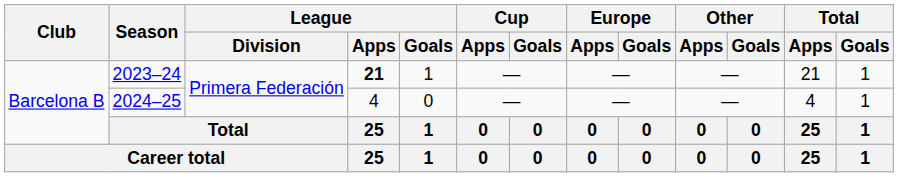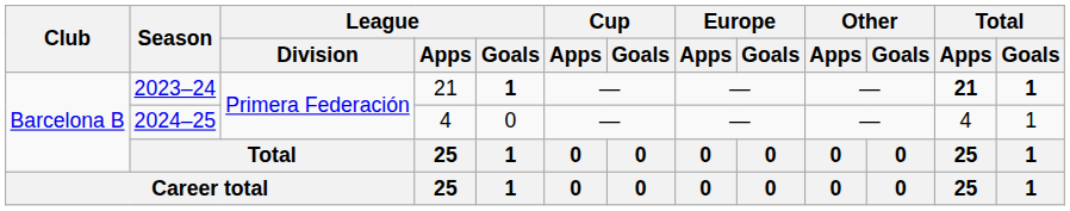 <table class=wikitable style=text-align:center>
 <tr>
 <th rowspan=2>Club</th>
 <th rowspan=2>Season</th>
 <th colspan=3>League</th>
 <th colspan=2>Cup</th>
 <th colspan=2>Europe</th>
 <th colspan=2>Other</th>
 <th colspan=2>Total</th>
 </tr>
 <tr>
 <th>Division</th>
 <th>Apps</th>
 <th>Goals</th>
 <th>Apps</th>
 <th>Goals</th>
 <th>Apps</th>
 <th>Goals</th>
 <th>Apps</th>
 <th>Goals</th>
 <th>Apps</th>
 <th>Goals</th>
 </tr>
 <tr>
 <td rowspan="3"><a href='#'>Barcelona B</a></td>
 <td><a href='#'>2023–24</a></td>
 <td rowspan="2"><a href='#'>Primera Federación</a></td>
-<td><strong>21</strong></td>
-<td>1</td>
+<td>21</td>
+<td><strong>1</strong></td>
 <td colspan="2">—</td>
 <td colspan="2">—</td>
 <td colspan="2">—</td>
-<td>21</td>
-<td>1</td>
+<td><strong>21</strong></td>
+<td><strong>1</strong></td>
 </tr>
 <tr>
 <td><a href='#'>2024–25</a></td>
 <td>4</td>
 <td>0</td>
 <td colspan="2">—</td>
 <td colspan="2">—</td>
 <td colspan="2">—</td>
 <td>4</td>
 <td>1</td>
 </tr>
 <tr>
 <th colspan="2">Total</th>
 <th>25</th>
 <th>1</th>
 <th>0</th>
 <th>0</th>
 <th>0</th>
 <th>0</th>
 <th>0</th>
 <th>0</th>
 <th>25</th>
 <th>1</th>
 </tr>
 <tr>
 <th colspan="3">Career total</th>
 <th>25</th>
 <th>1</th>
 <th>0</th>
 <th>0</th>
 <th>0</th>
 <th>0</th>
 <th>0</th>
 <th>0</th>
 <th>25</th>
 <th>1</th>
 </tr>
 </table>
